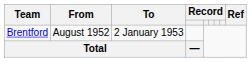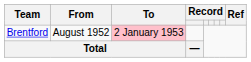 <table class=wikitable style="text-align: center">
 <tr>
 <th rowspan=2>Team</th>
 <th rowspan=2>From</th>
 <th rowspan=2>To</th>
 <th colspan=5>Record</th>
 <th rowspan="2">Ref</th>
 </tr>
 <tr>
 <th></th>
 <th></th>
 <th></th>
 <th></th>
 <th></th>
 </tr>
 <tr>
 <td align=left><a href='#'>Brentford</a></td>
 <td align=left>August 1952</td>
-<td align=left>2 January 1953<br></td>
+<td align=left style="background: pink;">2 January 1953<br></td>
 <td></td>
 </tr>
 <tr>
 <th colspan=3>Total<br></th>
 <th>—</th>
 </tr>
 </table>
